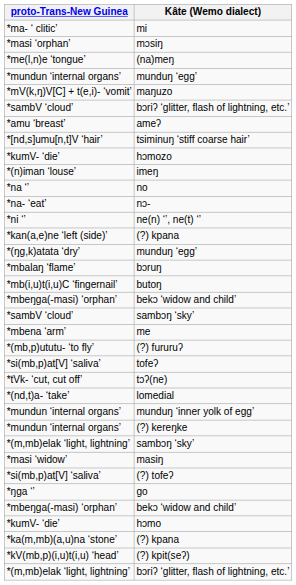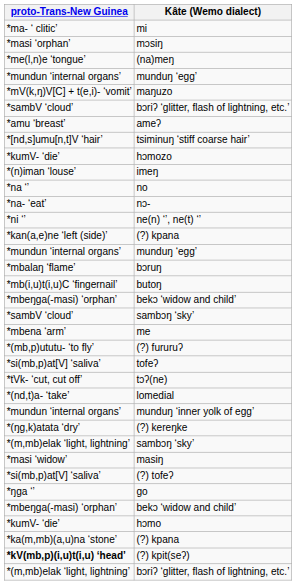 <table class="wikitable sortable">
 <tr>
 <th><a href='#'>proto-Trans-New Guinea</a></th>
 <th>Kâte (Wemo dialect)</th>
 </tr>
 <tr>
 <td>*ma- ‘ clitic’</td>
 <td>mi</td>
 </tr>
 <tr>
 <td>*masi ‘orphan’</td>
 <td>mɔsiŋ</td>
 </tr>
 <tr>
 <td>*me(l,n)e ‘tongue’</td>
 <td>(na)meŋ</td>
 </tr>
 <tr>
 <td>*mundun ‘internal organs’</td>
 <td>munduŋ ‘egg’</td>
 </tr>
 <tr>
 <td>*mV(k,ŋ)V[C] + t(e,i)- ‘vomit’</td>
 <td>maŋuzo</td>
 </tr>
 <tr>
 <td>*sambV ‘cloud’</td>
 <td>bɔriʔ ‘glitter, flash of lightning, etc.’</td>
 </tr>
 <tr>
 <td>*amu ‘breast’</td>
 <td>ameʔ</td>
 </tr>
 <tr>
 <td>*[nd,s]umu[n,t]V ‘hair’</td>
 <td>tsiminuŋ ‘stiff coarse hair’</td>
 </tr>
 <tr>
 <td>*kumV- ‘die’</td>
 <td>hɔmozo</td>
 </tr>
 <tr>
 <td>*(n)iman ‘louse’</td>
 <td>imeŋ</td>
 </tr>
 <tr>
 <td>*na ‘’</td>
 <td>no</td>
 </tr>
 <tr>
 <td>*na- ‘eat’</td>
 <td>nɔ-</td>
 </tr>
 <tr>
 <td>*ni ‘’</td>
 <td>ne(n) ‘’, ne(t) ‘’</td>
 </tr>
 <tr>
 <td>*kan(a,e)ne ‘left (side)’</td>
 <td>(?) kpana</td>
 </tr>
 <tr>
-<td>*(ŋg,k)atata ‘dry’</td>
+<td>*mundun ‘internal organs’</td>
 <td>munduŋ ‘egg’</td>
 </tr>
 <tr>
 <td>*mbalaŋ ‘flame’</td>
 <td>bɔruŋ</td>
 </tr>
 <tr>
 <td>*mb(i,u)t(i,u)C ‘fingernail’</td>
 <td>butoŋ</td>
 </tr>
 <tr>
 <td>*mbeŋga(-masi) ‘orphan’</td>
 <td>bekɔ ‘widow and child’</td>
 </tr>
 <tr>
 <td>*sambV ‘cloud’</td>
 <td>sambɔŋ ‘sky’</td>
 </tr>
 <tr>
 <td>*mbena ‘arm’</td>
 <td>me</td>
 </tr>
 <tr>
 <td>*(mb,p)ututu- ‘to fly’</td>
 <td>(?) fururuʔ</td>
 </tr>
 <tr>
 <td>*si(mb,p)at[V] ‘saliva’</td>
 <td>tofeʔ</td>
 </tr>
 <tr>
 <td>*tVk- ‘cut, cut off’</td>
 <td>tɔʔ(ne)</td>
 </tr>
 <tr>
 <td>*(nd,t)a- ‘take’</td>
 <td>lomedial</td>
 </tr>
 <tr>
 <td>*mundun ‘internal organs’</td>
 <td>munduŋ ‘inner yolk of egg’</td>
 </tr>
 <tr>
-<td>*mundun ‘internal organs’</td>
+<td>*(ŋg,k)atata ‘dry’</td>
 <td>(?) kereŋke</td>
 </tr>
 <tr>
 <td>*(m,mb)elak ‘light, lightning’</td>
 <td>sambɔŋ ‘sky’</td>
 </tr>
 <tr>
 <td>*masi ‘widow’</td>
 <td>masiŋ</td>
 </tr>
 <tr>
 <td>*si(mb,p)at[V] ‘saliva’</td>
 <td>(?) tofeʔ</td>
 </tr>
 <tr>
 <td>*ŋga ‘’</td>
 <td>go</td>
 </tr>
 <tr>
 <td>*mbeŋga(-masi) ‘orphan’</td>
 <td>bekɔ ‘widow and child’</td>
 </tr>
 <tr>
 <td>*kumV- ‘die’</td>
 <td>hɔmo</td>
 </tr>
 <tr>
 <td>*ka(m,mb)(a,u)na ‘stone’</td>
 <td>(?) kpana</td>
 </tr>
 <tr>
-<td>*kV(mb,p)(i,u)t(i,u) ‘head’</td>
+<td><strong>*kV(mb,p)(i,u)t(i,u) ‘head’</strong></td>
 <td>(?) kpit(seʔ)</td>
 </tr>
 <tr>
 <td>*(m,mb)elak ‘light, lightning’</td>
 <td>bɔriʔ ‘glitter, flash of lightning, etc.’</td>
 </tr>
 </table>
